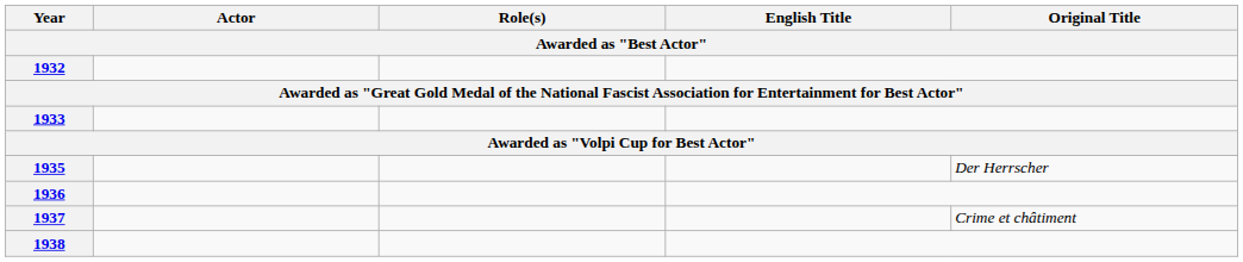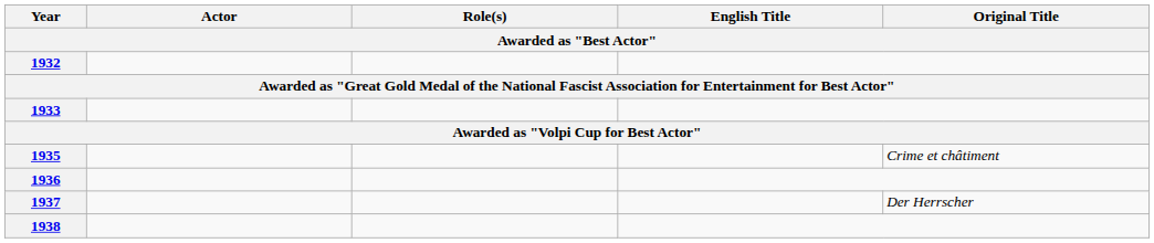 <table class="wikitable unsortable">
 <tr>
 <th scope="col" style="width:3%;">Year</th>
 <th scope="col" style="width:10%;">Actor</th>
 <th scope="col" style="width:10%;">Role(s)</th>
 <th scope="col" style="width:10%;">English Title</th>
 <th scope="col" style="width:10%;">Original Title</th>
 </tr>
 <tr>
 <th colspan="5">Awarded as "Best Actor"</th>
 </tr>
 <tr>
 <th style="text-align:center;"><a href='#'>1932</a></th>
 <td>  </td>
 <td></td>
 <td colspan="2"></td>
 </tr>
 <tr>
 <th colspan="5">Awarded as "Great Gold Medal of the National Fascist Association for Entertainment for Best Actor"</th>
 </tr>
 <tr>
 <th style="text-align:center;"><a href='#'>1933</a></th>
 <td> </td>
 <td></td>
 <td colspan="2"></td>
 </tr>
 <tr>
 <th colspan="5" data-sort-value="1935 A">Awarded as "Volpi Cup for Best Actor"</th>
 </tr>
 <tr>
 <th style="text-align:center;"><a href='#'>1935</a></th>
 <td> </td>
 <td></td>
 <td></td>
-<td><em>Der Herrscher</em></td>
+<td><em>Crime et châtiment</em></td>
 </tr>
 <tr>
 <th style="text-align:center;"><a href='#'>1936</a></th>
 <td> </td>
 <td></td>
 <td colspan="2"></td>
 </tr>
 <tr>
 <th style="text-align:center;"><a href='#'>1937</a></th>
 <td> </td>
 <td></td>
 <td colspan="1"></td>
-<td><em>Crime et châtiment</em></td>
+<td><em>Der Herrscher</em></td>
 </tr>
 <tr>
 <th style="text-align:center;"><a href='#'>1938</a></th>
 <td> </td>
 <td></td>
 <td colspan="2"></td>
 </tr>
 </table>
